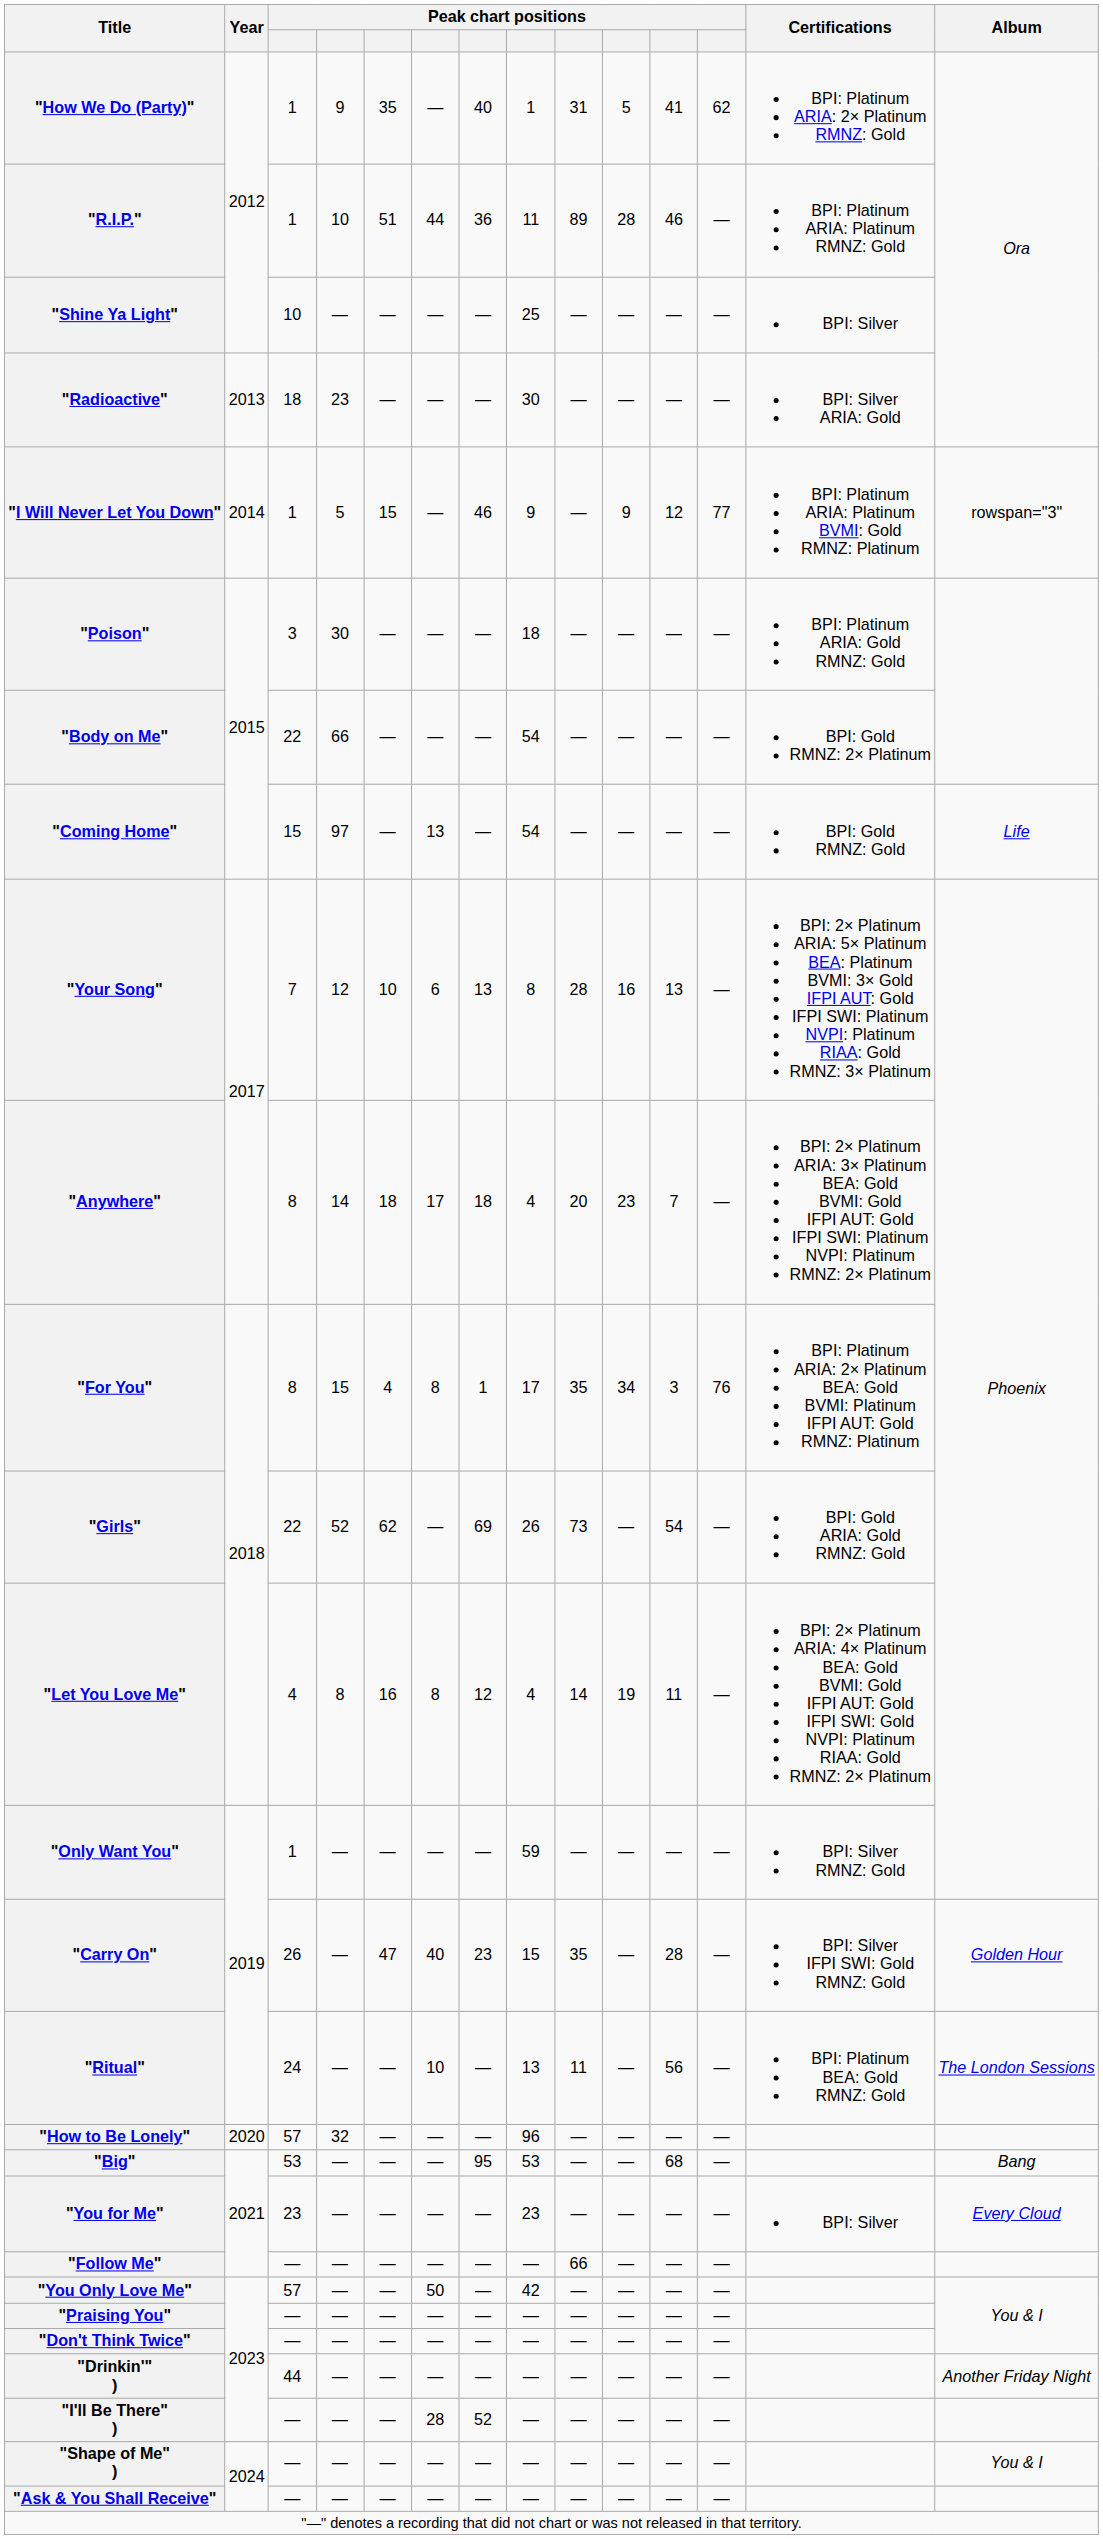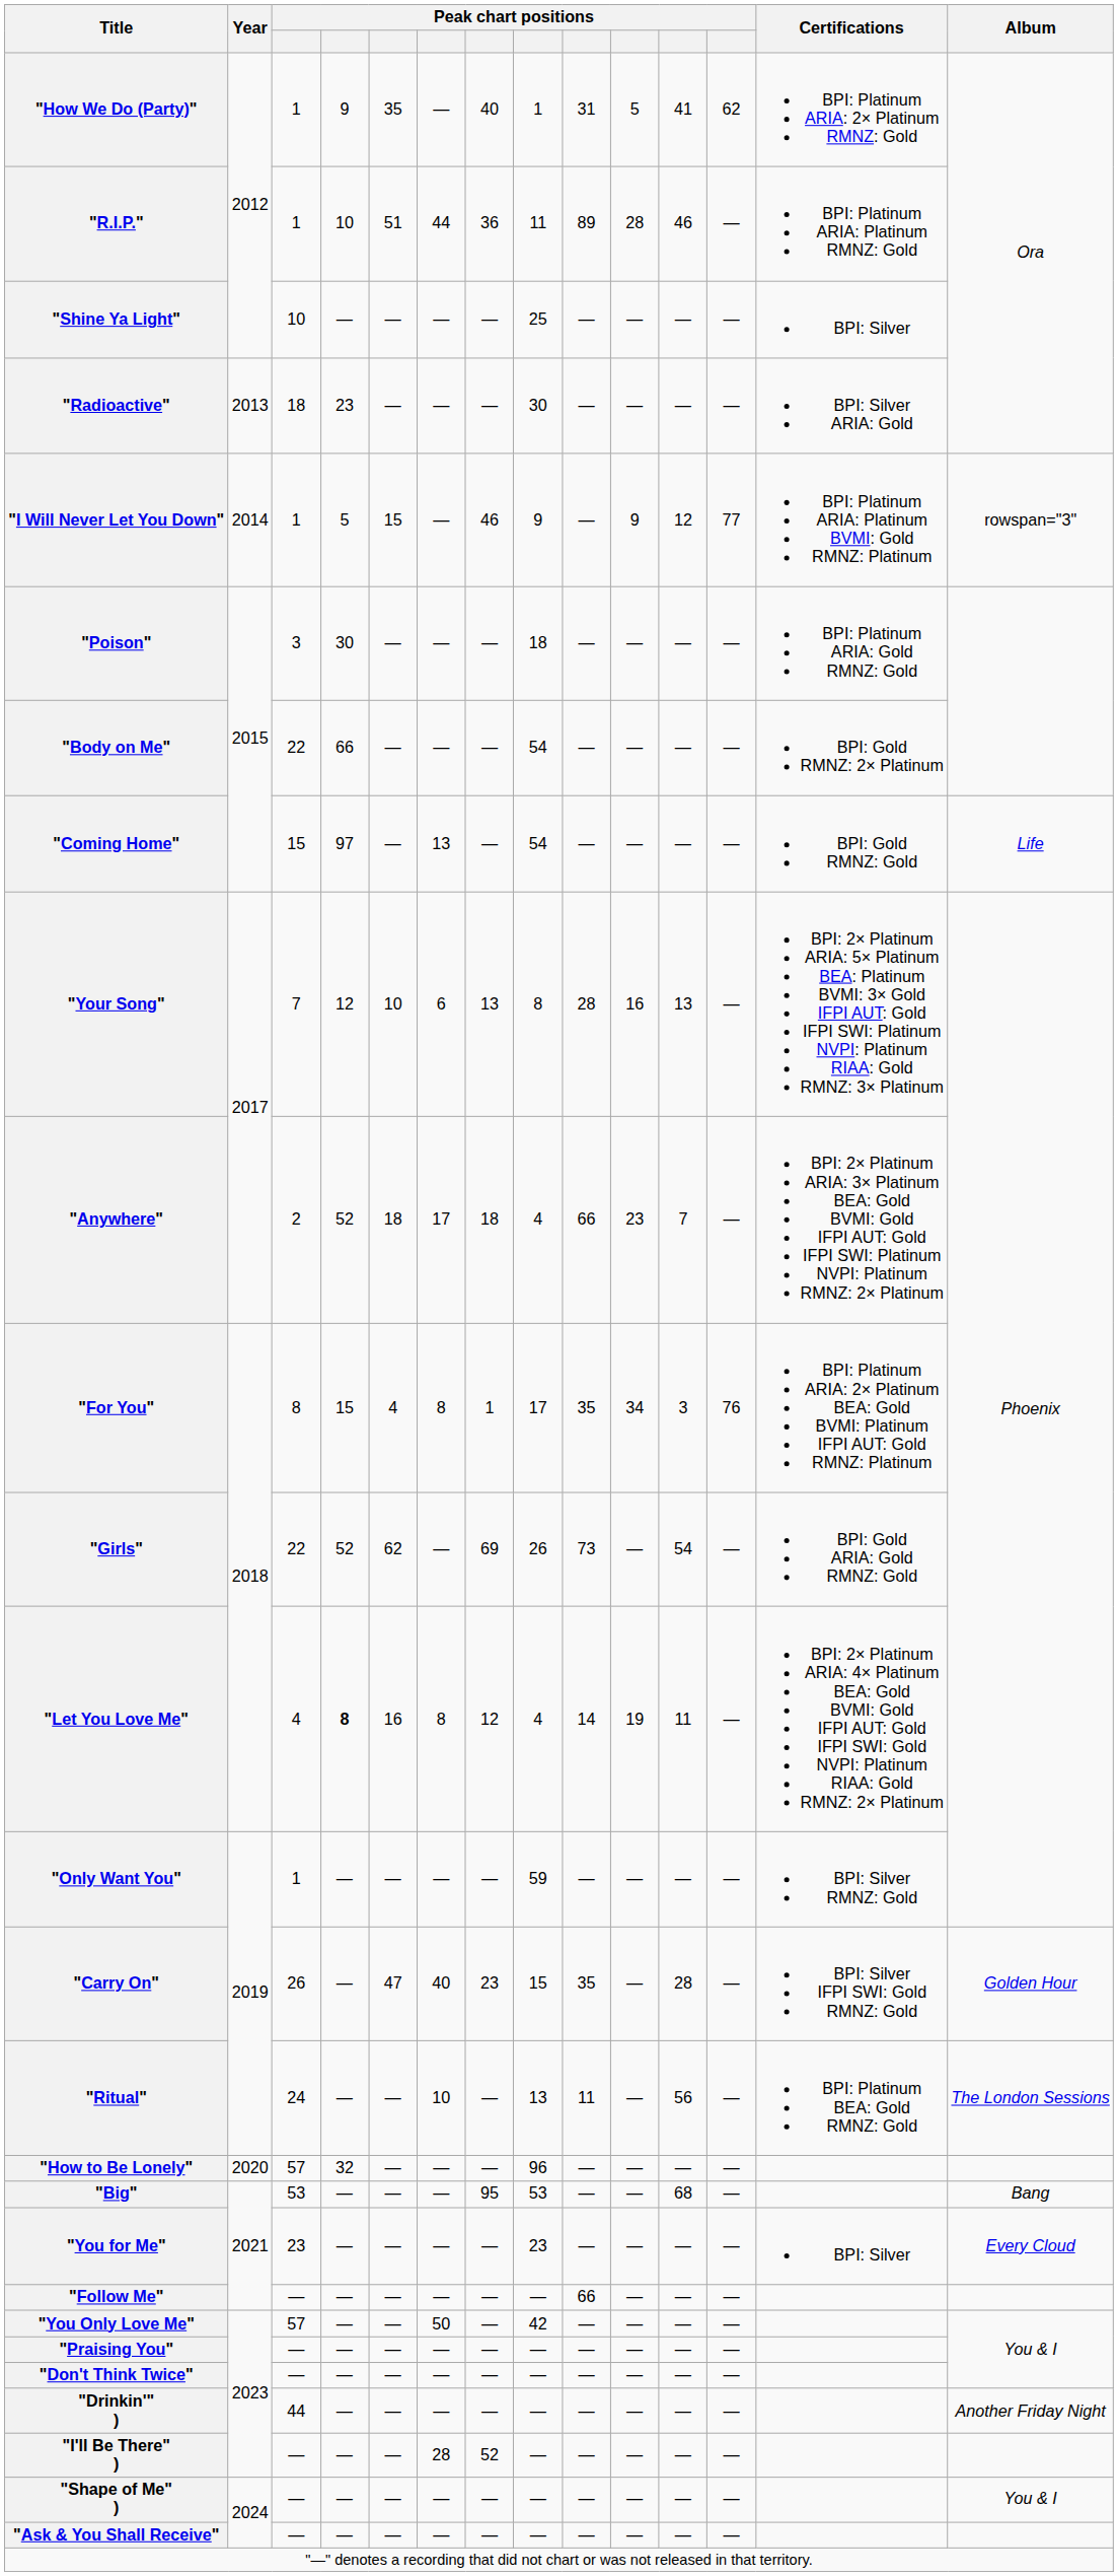 <table class="wikitable plainrowheaders" style="text-align:center;">
 <tr>
 <th scope="col" rowspan="2">Title</th>
 <th scope="col" rowspan="2">Year</th>
 <th scope="colgroup" colspan="10">Peak chart positions</th>
 <th scope="col" rowspan="2">Certifications</th>
 <th scope="col" rowspan="2">Album</th>
 </tr>
 <tr>
 <th scope=col style="width:3em; font-size:85%;"><a href='#'></a><br></th>
 <th scope=col style="width:3em; font-size:85%;"><a href='#'></a><br></th>
 <th scope=col style="width:3em; font-size:85%;"><a href='#'></a><br></th>
 <th scope=col style="width:3em; font-size:85%;"><a href='#'></a><br></th>
 <th scope=col style="width:3em; font-size:85%;"><a href='#'></a><br></th>
 <th scope=col style="width:3em; font-size:85%;"><a href='#'></a><br></th>
 <th scope=col style="width:3em; font-size:85%;"><a href='#'></a><br></th>
 <th scope=col style="width:3em; font-size:85%;"><a href='#'></a><br></th>
 <th scope=col style="width:3em; font-size:85%;"><a href='#'></a><br></th>
 <th scope=col style="width:3em; font-size:85%;"><a href='#'></a><br></th>
 </tr>
 <tr>
 <th scope="row">"<a href='#'>How We Do (Party)</a>"</th>
 <td rowspan="3">2012</td>
 <td>1</td>
 <td>9</td>
 <td>35</td>
 <td>—</td>
 <td>40</td>
 <td>1</td>
 <td>31</td>
 <td>5</td>
 <td>41</td>
 <td>62</td>
 <td><br><ul><li>BPI: Platinum</li><li><a href='#'>ARIA</a>: 2× Platinum</li><li><a href='#'>RMNZ</a>: Gold</li></ul></td>
 <td rowspan="4"><em>Ora</em></td>
 </tr>
 <tr>
 <th scope="row">"<a href='#'>R.I.P.</a>"<br></th>
 <td>1</td>
 <td>10</td>
 <td>51</td>
 <td>44</td>
 <td>36</td>
 <td>11</td>
 <td>89</td>
 <td>28</td>
 <td>46</td>
 <td>—</td>
 <td><br><ul><li>BPI: Platinum</li><li>ARIA: Platinum</li><li>RMNZ: Gold</li></ul></td>
 </tr>
 <tr>
 <th scope="row">"<a href='#'>Shine Ya Light</a>"</th>
 <td>10</td>
 <td>—</td>
 <td>—</td>
 <td>—</td>
 <td>—</td>
 <td>25</td>
 <td>—</td>
 <td>—</td>
 <td>—</td>
 <td>—</td>
 <td><br><ul><li>BPI: Silver</li></ul></td>
 </tr>
 <tr>
 <th scope="row">"<a href='#'>Radioactive</a>"</th>
 <td>2013</td>
 <td>18</td>
 <td>23</td>
 <td>—</td>
 <td>—</td>
 <td>—</td>
 <td>30</td>
 <td>—</td>
 <td>—</td>
 <td>—</td>
 <td>—</td>
 <td><br><ul><li>BPI: Silver</li><li>ARIA: Gold</li></ul></td>
 </tr>
 <tr>
 <th scope="row">"<a href='#'>I Will Never Let You Down</a>"</th>
 <td>2014</td>
 <td>1</td>
 <td>5</td>
 <td>15</td>
 <td>—</td>
 <td>46</td>
 <td>9</td>
 <td>—</td>
 <td>9</td>
 <td>12</td>
 <td>77</td>
 <td><br><ul><li>BPI: Platinum</li><li>ARIA: Platinum</li><li><a href='#'>BVMI</a>: Gold</li><li>RMNZ: Platinum</li></ul></td>
 <td>rowspan="3" </td>
 </tr>
 <tr>
 <th scope="row">"<a href='#'>Poison</a>"</th>
 <td rowspan="3">2015</td>
 <td>3</td>
 <td>30</td>
 <td>—</td>
 <td>—</td>
 <td>—</td>
 <td>18</td>
 <td>—</td>
 <td>—</td>
 <td>—</td>
 <td>—</td>
 <td><br><ul><li>BPI: Platinum</li><li>ARIA: Gold</li><li>RMNZ: Gold</li></ul></td>
 </tr>
 <tr>
 <th scope="row">"<a href='#'>Body on Me</a>"<br></th>
 <td>22</td>
 <td>66</td>
 <td>—</td>
 <td>—</td>
 <td>—</td>
 <td>54</td>
 <td>—</td>
 <td>—</td>
 <td>—</td>
 <td>—</td>
 <td><br><ul><li>BPI: Gold</li><li>RMNZ: 2× Platinum</li></ul></td>
 </tr>
 <tr>
 <th scope="row">"<a href='#'>Coming Home</a>"<br></th>
 <td>15</td>
 <td>97</td>
 <td>—</td>
 <td>13</td>
 <td>—</td>
 <td>54</td>
 <td>—</td>
 <td>—</td>
 <td>—</td>
 <td>—</td>
 <td><br><ul><li>BPI: Gold</li><li>RMNZ: Gold</li></ul></td>
 <td><em><a href='#'>Life</a></em></td>
 </tr>
 <tr>
 <th scope="row">"<a href='#'>Your Song</a>"</th>
 <td rowspan="2">2017</td>
 <td>7</td>
 <td>12</td>
 <td>10</td>
 <td>6</td>
 <td>13</td>
 <td>8</td>
 <td>28</td>
 <td>16</td>
 <td>13</td>
 <td>—</td>
 <td><br><ul><li>BPI: 2× Platinum</li><li>ARIA: 5× Platinum</li><li><a href='#'>BEA</a>: Platinum</li><li>BVMI: 3× Gold</li><li><a href='#'>IFPI AUT</a>: Gold</li><li>IFPI SWI: Platinum</li><li><a href='#'>NVPI</a>: Platinum</li><li><a href='#'>RIAA</a>: Gold</li><li>RMNZ: 3× Platinum</li></ul></td>
 <td rowspan="6"><em>Phoenix</em></td>
 </tr>
 <tr>
 <th scope="row">"<a href='#'>Anywhere</a>"</th>
-<td>8</td>
-<td>14</td>
+<td>2</td>
+<td>52</td>
 <td>18</td>
 <td>17</td>
 <td>18</td>
 <td>4</td>
-<td>20</td>
+<td>66</td>
 <td>23</td>
 <td>7</td>
 <td>—</td>
 <td><br><ul><li>BPI: 2× Platinum</li><li>ARIA: 3× Platinum</li><li>BEA: Gold</li><li>BVMI: Gold</li><li>IFPI AUT: Gold</li><li>IFPI SWI: Platinum</li><li>NVPI: Platinum</li><li>RMNZ: 2× Platinum</li></ul></td>
 </tr>
 <tr>
 <th scope="row">"<a href='#'>For You</a>"<br></th>
 <td rowspan="3">2018</td>
 <td>8</td>
 <td>15</td>
 <td>4</td>
 <td>8</td>
 <td>1</td>
 <td>17</td>
 <td>35</td>
 <td>34</td>
 <td>3</td>
 <td>76</td>
 <td><br><ul><li>BPI: Platinum</li><li>ARIA: 2× Platinum</li><li>BEA: Gold</li><li>BVMI: Platinum</li><li>IFPI AUT: Gold</li><li>RMNZ: Platinum</li></ul></td>
 </tr>
 <tr>
 <th scope="row">"<a href='#'>Girls</a>"<br></th>
 <td>22</td>
 <td>52</td>
 <td>62</td>
 <td>—</td>
 <td>69</td>
 <td>26</td>
 <td>73</td>
 <td>—</td>
 <td>54</td>
 <td>—</td>
 <td><br><ul><li>BPI: Gold</li><li>ARIA: Gold</li><li>RMNZ: Gold</li></ul></td>
 </tr>
 <tr>
 <th scope="row">"<a href='#'>Let You Love Me</a>"</th>
 <td>4</td>
-<td>8</td>
+<td><strong>8</strong></td>
 <td>16</td>
 <td>8</td>
 <td>12</td>
 <td>4</td>
 <td>14</td>
 <td>19</td>
 <td>11</td>
 <td>—</td>
 <td><br><ul><li>BPI: 2× Platinum</li><li>ARIA: 4× Platinum</li><li>BEA: Gold</li><li>BVMI: Gold</li><li>IFPI AUT: Gold</li><li>IFPI SWI: Gold</li><li>NVPI: Platinum</li><li>RIAA: Gold</li><li>RMNZ: 2× Platinum</li></ul></td>
 </tr>
 <tr>
 <th scope="row">"<a href='#'>Only Want You</a>"<br></th>
 <td rowspan="3">2019</td>
 <td>1</td>
 <td>—</td>
 <td>—</td>
 <td>—</td>
 <td>—</td>
 <td>59</td>
 <td>—</td>
 <td>—</td>
 <td>—</td>
 <td>—</td>
 <td><br><ul><li>BPI: Silver</li><li>RMNZ: Gold</li></ul></td>
 </tr>
 <tr>
 <th scope="row">"<a href='#'>Carry On</a>"<br></th>
 <td>26</td>
 <td>—</td>
 <td>47</td>
 <td>40</td>
 <td>23</td>
 <td>15</td>
 <td>35</td>
 <td>—</td>
 <td>28</td>
 <td>—</td>
 <td><br><ul><li>BPI: Silver</li><li>IFPI SWI: Gold</li><li>RMNZ: Gold</li></ul></td>
 <td><em><a href='#'>Golden Hour</a></em></td>
 </tr>
 <tr>
 <th scope="row">"<a href='#'>Ritual</a>"<br></th>
 <td>24</td>
 <td>—</td>
 <td>—</td>
 <td>10</td>
 <td>—</td>
 <td>13</td>
 <td>11</td>
 <td>—</td>
 <td>56</td>
 <td>—</td>
 <td><br><ul><li>BPI: Platinum</li><li>BEA: Gold</li><li>RMNZ: Gold</li></ul></td>
 <td><em><a href='#'>The London Sessions</a></em></td>
 </tr>
 <tr>
 <th scope="row">"<a href='#'>How to Be Lonely</a>"</th>
 <td>2020</td>
 <td>57</td>
 <td>32</td>
 <td>—</td>
 <td>—</td>
 <td>—</td>
 <td>96</td>
 <td>—</td>
 <td>—</td>
 <td>—</td>
 <td>—</td>
 <td></td>
 <td></td>
 </tr>
 <tr>
 <th scope="row">"<a href='#'>Big</a>"<br></th>
 <td rowspan="3">2021</td>
 <td>53</td>
 <td>—</td>
 <td>—</td>
 <td>—</td>
 <td>95</td>
 <td>53</td>
 <td>—</td>
 <td>—</td>
 <td>68</td>
 <td>—</td>
 <td></td>
 <td><em>Bang</em></td>
 </tr>
 <tr>
 <th scope="row">"<a href='#'>You for Me</a>"<br></th>
 <td>23</td>
 <td>—</td>
 <td>—</td>
 <td>—</td>
 <td>—</td>
 <td>23</td>
 <td>—</td>
 <td>—</td>
 <td>—</td>
 <td>—</td>
 <td><br><ul><li>BPI: Silver</li></ul></td>
 <td><em><a href='#'>Every Cloud</a></em></td>
 </tr>
 <tr>
 <th scope="row">"<a href='#'>Follow Me</a>"<br></th>
 <td>—</td>
 <td>—</td>
 <td>—</td>
 <td>—</td>
 <td>—</td>
 <td>—</td>
 <td>66</td>
 <td>—</td>
 <td>—</td>
 <td>—</td>
 <td></td>
 <td></td>
 </tr>
 <tr>
 <th scope="row">"<a href='#'>You Only Love Me</a>"</th>
 <td rowspan="5">2023</td>
 <td>57</td>
 <td>—</td>
 <td>—</td>
 <td>50</td>
 <td>—</td>
 <td>42</td>
 <td>—</td>
 <td>—</td>
 <td>—</td>
 <td>—</td>
 <td></td>
 <td rowspan="3"><em>You & I</em></td>
 </tr>
 <tr>
 <th scope="row">"<a href='#'>Praising You</a>"<br></th>
 <td>—</td>
 <td>—</td>
 <td>—</td>
 <td>—</td>
 <td>—</td>
 <td>—</td>
 <td>—</td>
 <td>—</td>
 <td>—</td>
 <td>—</td>
 <td></td>
 </tr>
 <tr>
 <th scope="row">"<a href='#'>Don't Think Twice</a>"</th>
 <td>—</td>
 <td>—</td>
 <td>—</td>
 <td>—</td>
 <td>—</td>
 <td>—</td>
 <td>—</td>
 <td>—</td>
 <td>—</td>
 <td>—</td>
 <td></td>
 </tr>
 <tr>
 <th scope="row">"Drinkin'"<br>)</th>
 <td>44</td>
 <td>—</td>
 <td>—</td>
 <td>—</td>
 <td>—</td>
 <td>—</td>
 <td>—</td>
 <td>—</td>
 <td>—</td>
 <td>—</td>
 <td></td>
 <td><em>Another Friday Night</em></td>
 </tr>
 <tr>
 <th scope="row">"I'll Be There"<br>)</th>
 <td>—</td>
 <td>—</td>
 <td>—</td>
 <td>28</td>
 <td>52</td>
 <td>—</td>
 <td>—</td>
 <td>—</td>
 <td>—</td>
 <td>—</td>
 <td></td>
 <td></td>
 </tr>
 <tr>
 <th scope="row">"Shape of Me"<br>)</th>
 <td rowspan="2">2024</td>
 <td>—</td>
 <td>—</td>
 <td>—</td>
 <td>—</td>
 <td>—</td>
 <td>—</td>
 <td>—</td>
 <td>—</td>
 <td>—</td>
 <td>—</td>
 <td></td>
 <td><em>You & I</em></td>
 </tr>
 <tr>
 <th scope="row">"<a href='#'>Ask & You Shall Receive</a>"</th>
 <td>—</td>
 <td>—</td>
 <td>—</td>
 <td>—</td>
 <td>—</td>
 <td>—</td>
 <td>—</td>
 <td>—</td>
 <td>—</td>
 <td>—</td>
 <td></td>
 <td></td>
 </tr>
 <tr>
 <td colspan="15" style="font-size:90%">"—" denotes a recording that did not chart or was not released in that territory.</td>
 </tr>
 </table>
